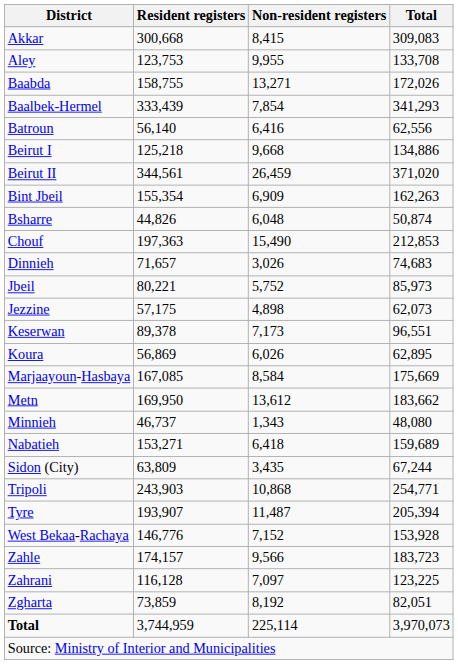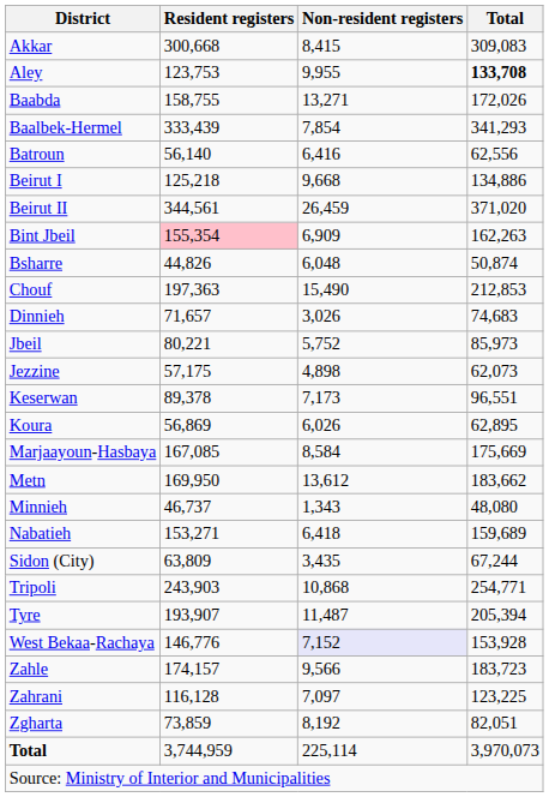 <table class="wikitable sortable">
 <tr>
 <th>District</th>
 <th>Resident registers</th>
 <th>Non-resident registers</th>
 <th>Total</th>
 </tr>
 <tr>
 <td><a href='#'>Akkar</a></td>
 <td>300,668</td>
 <td>8,415</td>
 <td>309,083</td>
 </tr>
 <tr>
 <td><a href='#'>Aley</a></td>
 <td>123,753</td>
 <td>9,955</td>
-<td>133,708</td>
+<td><strong>133,708</strong></td>
 </tr>
 <tr>
 <td><a href='#'>Baabda</a></td>
 <td>158,755</td>
 <td>13,271</td>
 <td>172,026</td>
 </tr>
 <tr>
 <td><a href='#'>Baalbek-Hermel</a></td>
 <td>333,439</td>
 <td>7,854</td>
 <td>341,293</td>
 </tr>
 <tr>
 <td><a href='#'>Batroun</a></td>
 <td>56,140</td>
 <td>6,416</td>
 <td>62,556</td>
 </tr>
 <tr>
 <td><a href='#'>Beirut I</a></td>
 <td>125,218</td>
 <td>9,668</td>
 <td>134,886</td>
 </tr>
 <tr>
 <td><a href='#'>Beirut II</a></td>
 <td>344,561</td>
 <td>26,459</td>
 <td>371,020</td>
 </tr>
 <tr>
 <td><a href='#'>Bint Jbeil</a></td>
-<td>155,354</td>
+<td style="background: pink;">155,354</td>
 <td>6,909</td>
 <td>162,263</td>
 </tr>
 <tr>
 <td><a href='#'>Bsharre</a></td>
 <td>44,826</td>
 <td>6,048</td>
 <td>50,874</td>
 </tr>
 <tr>
 <td><a href='#'>Chouf</a></td>
 <td>197,363</td>
 <td>15,490</td>
 <td>212,853</td>
 </tr>
 <tr>
 <td><a href='#'>Dinnieh</a></td>
 <td>71,657</td>
 <td>3,026</td>
 <td>74,683</td>
 </tr>
 <tr>
 <td><a href='#'>Jbeil</a></td>
 <td>80,221</td>
 <td>5,752</td>
 <td>85,973</td>
 </tr>
 <tr>
 <td><a href='#'>Jezzine</a></td>
 <td>57,175</td>
 <td>4,898</td>
 <td>62,073</td>
 </tr>
 <tr>
 <td><a href='#'>Keserwan</a></td>
 <td>89,378</td>
 <td>7,173</td>
 <td>96,551</td>
 </tr>
 <tr>
 <td><a href='#'>Koura</a></td>
 <td>56,869</td>
 <td>6,026</td>
 <td>62,895</td>
 </tr>
 <tr>
 <td><a href='#'>Marjaayoun</a>-<a href='#'>Hasbaya</a></td>
 <td>167,085</td>
 <td>8,584</td>
 <td>175,669</td>
 </tr>
 <tr>
 <td><a href='#'>Metn</a></td>
 <td>169,950</td>
 <td>13,612</td>
 <td>183,662</td>
 </tr>
 <tr>
 <td><a href='#'>Minnieh</a></td>
 <td>46,737</td>
 <td>1,343</td>
 <td>48,080</td>
 </tr>
 <tr>
 <td><a href='#'>Nabatieh</a></td>
 <td>153,271</td>
 <td>6,418</td>
 <td>159,689</td>
 </tr>
 <tr>
 <td><a href='#'>Sidon</a> (City)</td>
 <td>63,809</td>
 <td>3,435</td>
 <td>67,244</td>
 </tr>
 <tr>
 <td><a href='#'>Tripoli</a></td>
 <td>243,903</td>
 <td>10,868</td>
 <td>254,771</td>
 </tr>
 <tr>
 <td><a href='#'>Tyre</a></td>
 <td>193,907</td>
 <td>11,487</td>
 <td>205,394</td>
 </tr>
 <tr>
 <td><a href='#'>West Bekaa</a>-<a href='#'>Rachaya</a></td>
 <td>146,776</td>
-<td>7,152</td>
+<td style="background: lavender;">7,152</td>
 <td>153,928</td>
 </tr>
 <tr>
 <td><a href='#'>Zahle</a></td>
 <td>174,157</td>
 <td>9,566</td>
 <td>183,723</td>
 </tr>
 <tr>
 <td><a href='#'>Zahrani</a></td>
 <td>116,128</td>
 <td>7,097</td>
 <td>123,225</td>
 </tr>
 <tr>
 <td><a href='#'>Zgharta</a></td>
 <td>73,859</td>
 <td>8,192</td>
 <td>82,051</td>
 </tr>
 <tr>
 <td><strong>Total</strong></td>
 <td>3,744,959</td>
 <td>225,114</td>
 <td>3,970,073</td>
 </tr>
 <tr>
 <td colspan="4">Source: <a href='#'>Ministry of Interior and Municipalities</a></td>
 </tr>
 </table>
